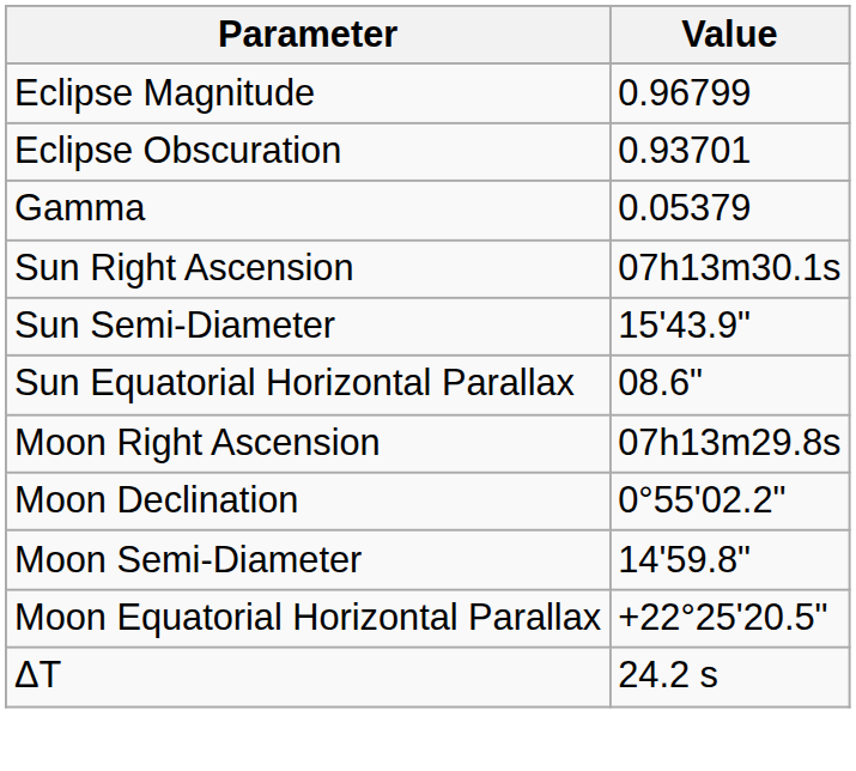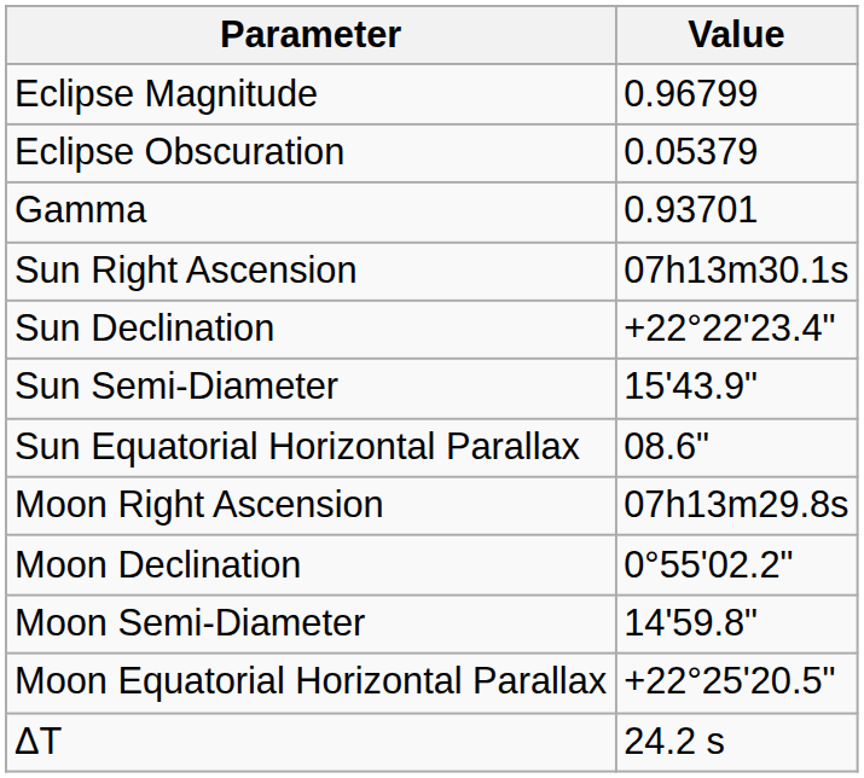 <table class="wikitable">
 <tr>
 <th>Parameter</th>
 <th>Value</th>
 </tr>
 <tr>
 <td>Eclipse Magnitude</td>
 <td>0.96799</td>
 </tr>
 <tr>
 <td>Eclipse Obscuration</td>
-<td>0.93701</td>
+<td>0.05379</td>
 </tr>
 <tr>
 <td>Gamma</td>
-<td>0.05379</td>
+<td>0.93701</td>
 </tr>
 <tr>
 <td>Sun Right Ascension</td>
 <td>07h13m30.1s</td>
+</tr>
+<tr>
+<td>Sun Declination</td>
+<td>+22°22'23.4"</td>
 </tr>
 <tr>
 <td>Sun Semi-Diameter</td>
 <td>15'43.9"</td>
 </tr>
 <tr>
 <td>Sun Equatorial Horizontal Parallax</td>
 <td>08.6"</td>
 </tr>
 <tr>
 <td>Moon Right Ascension</td>
 <td>07h13m29.8s</td>
 </tr>
 <tr>
 <td>Moon Declination</td>
 <td>0°55'02.2"</td>
 </tr>
 <tr>
 <td>Moon Semi-Diameter</td>
 <td>14'59.8"</td>
 </tr>
 <tr>
 <td>Moon Equatorial Horizontal Parallax</td>
 <td>+22°25'20.5"</td>
 </tr>
 <tr>
 <td>ΔT</td>
 <td>24.2 s</td>
 </tr>
 </table>
